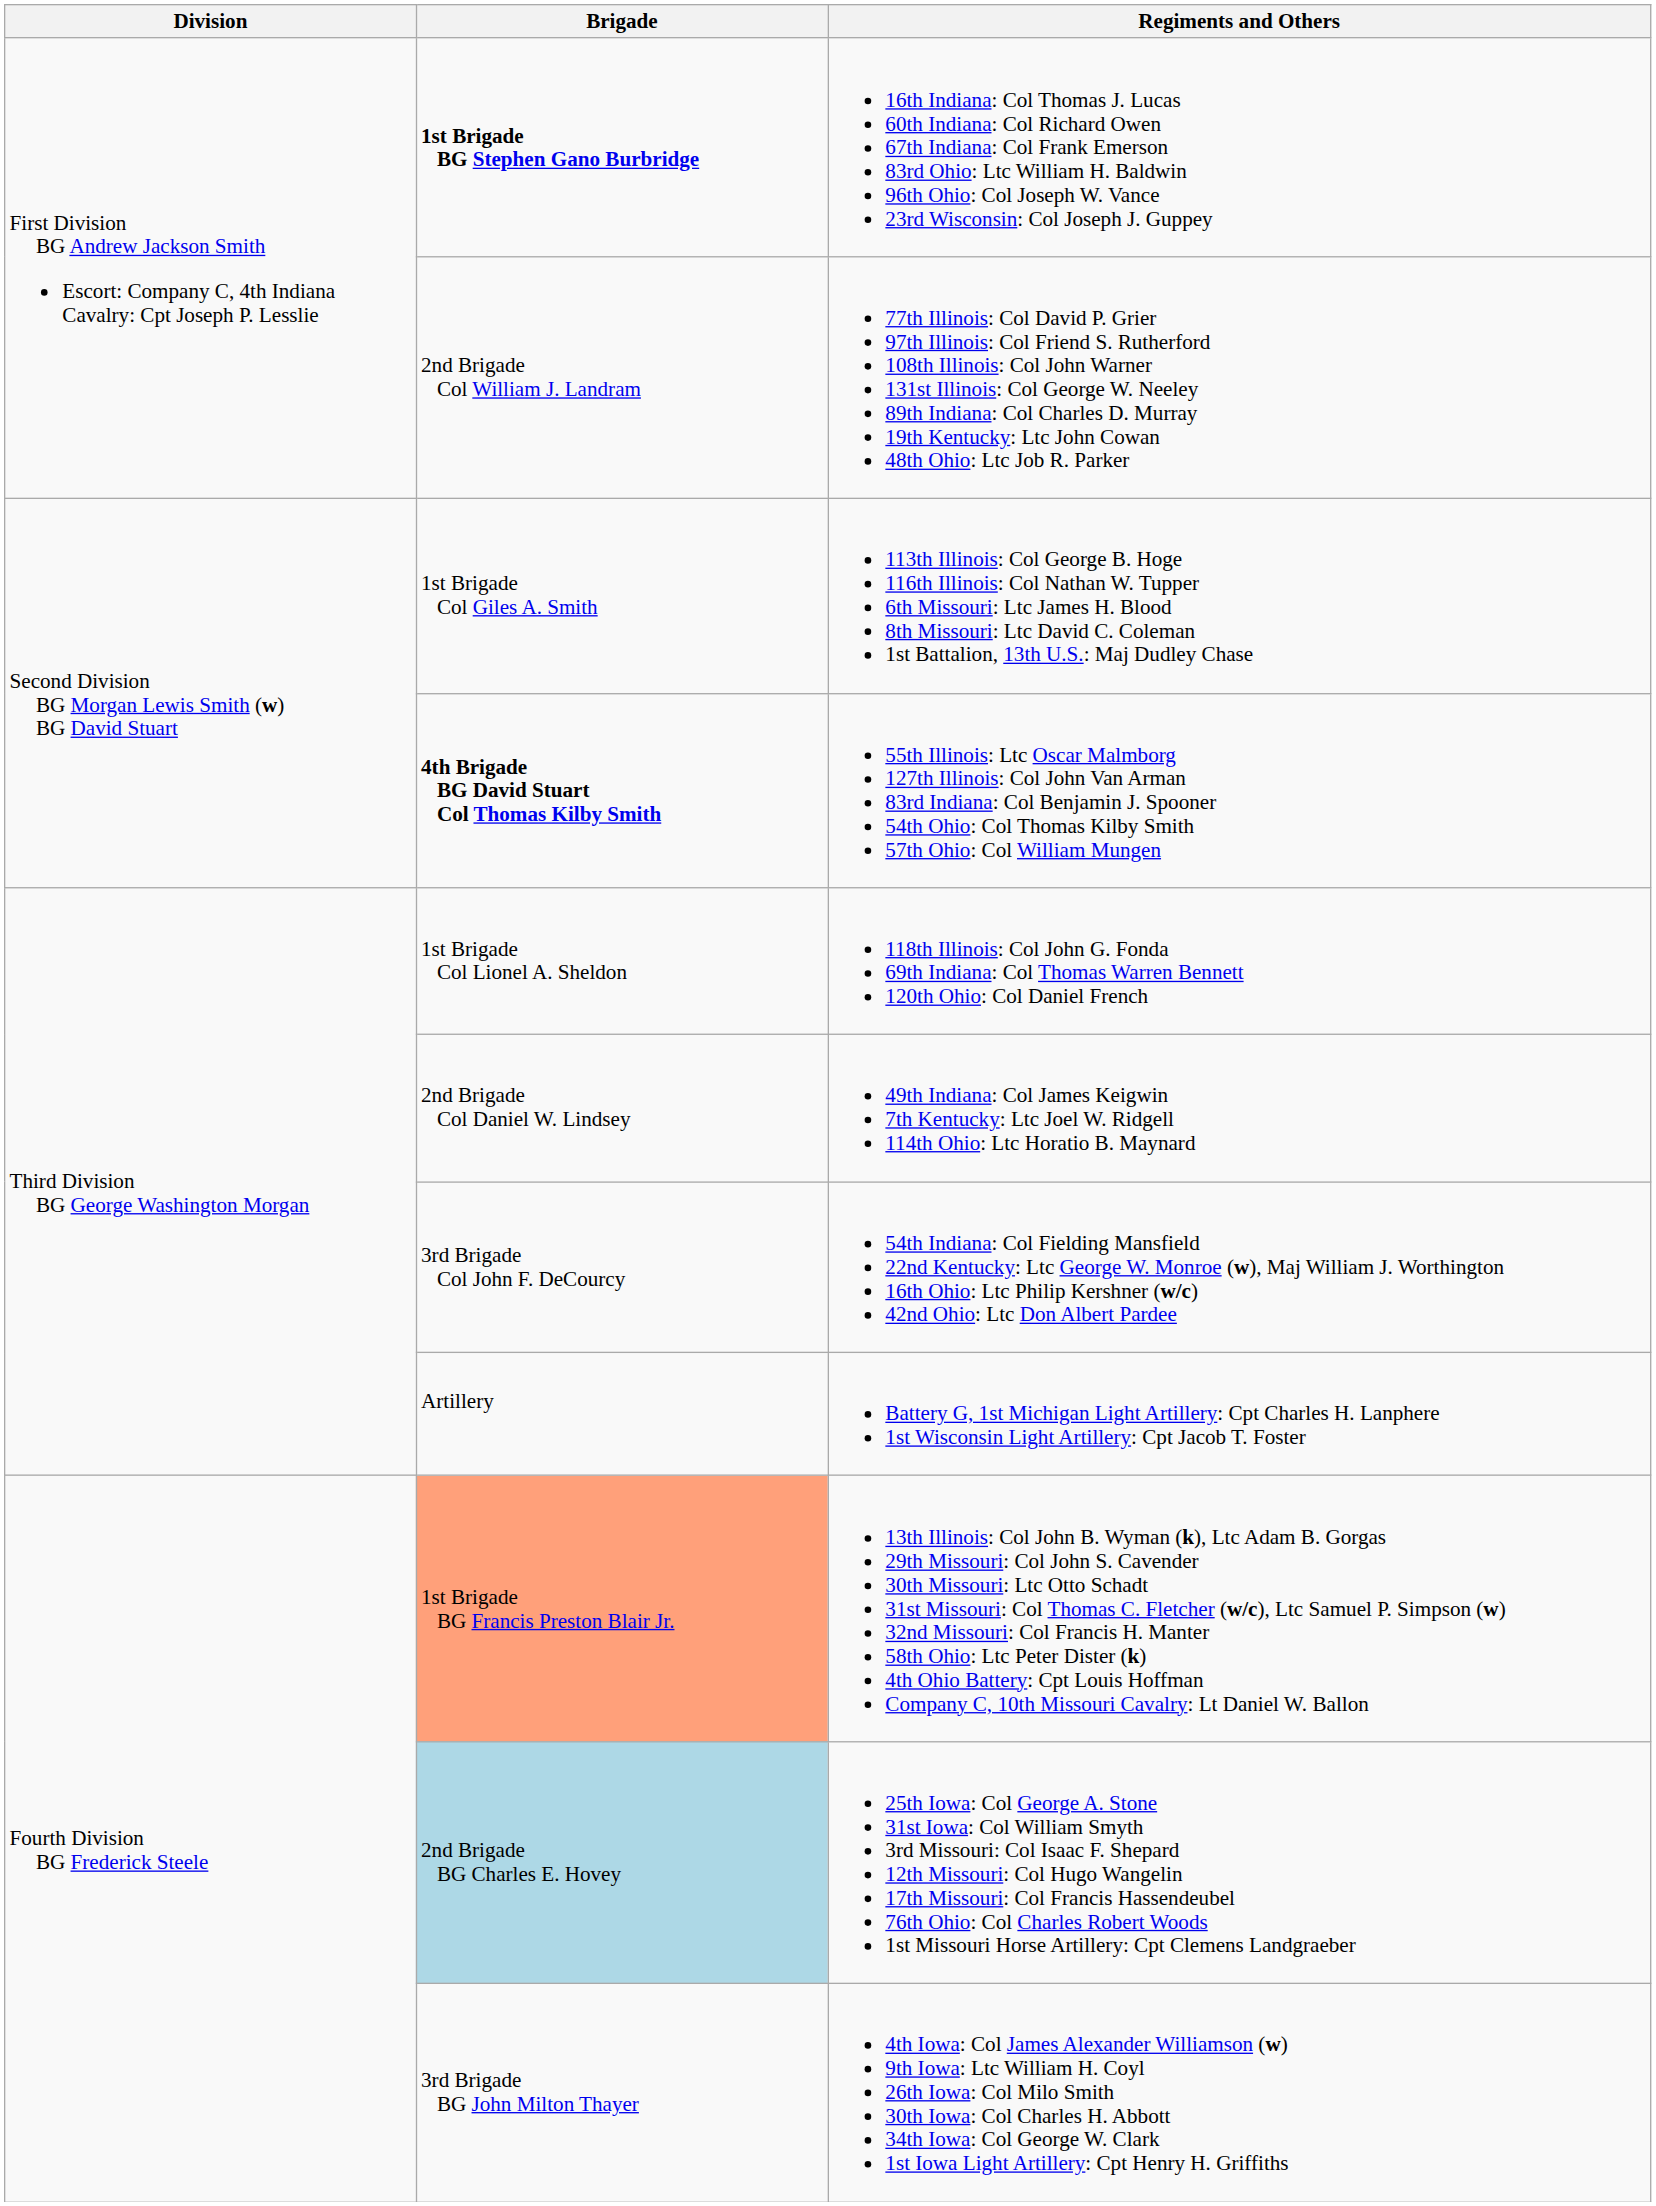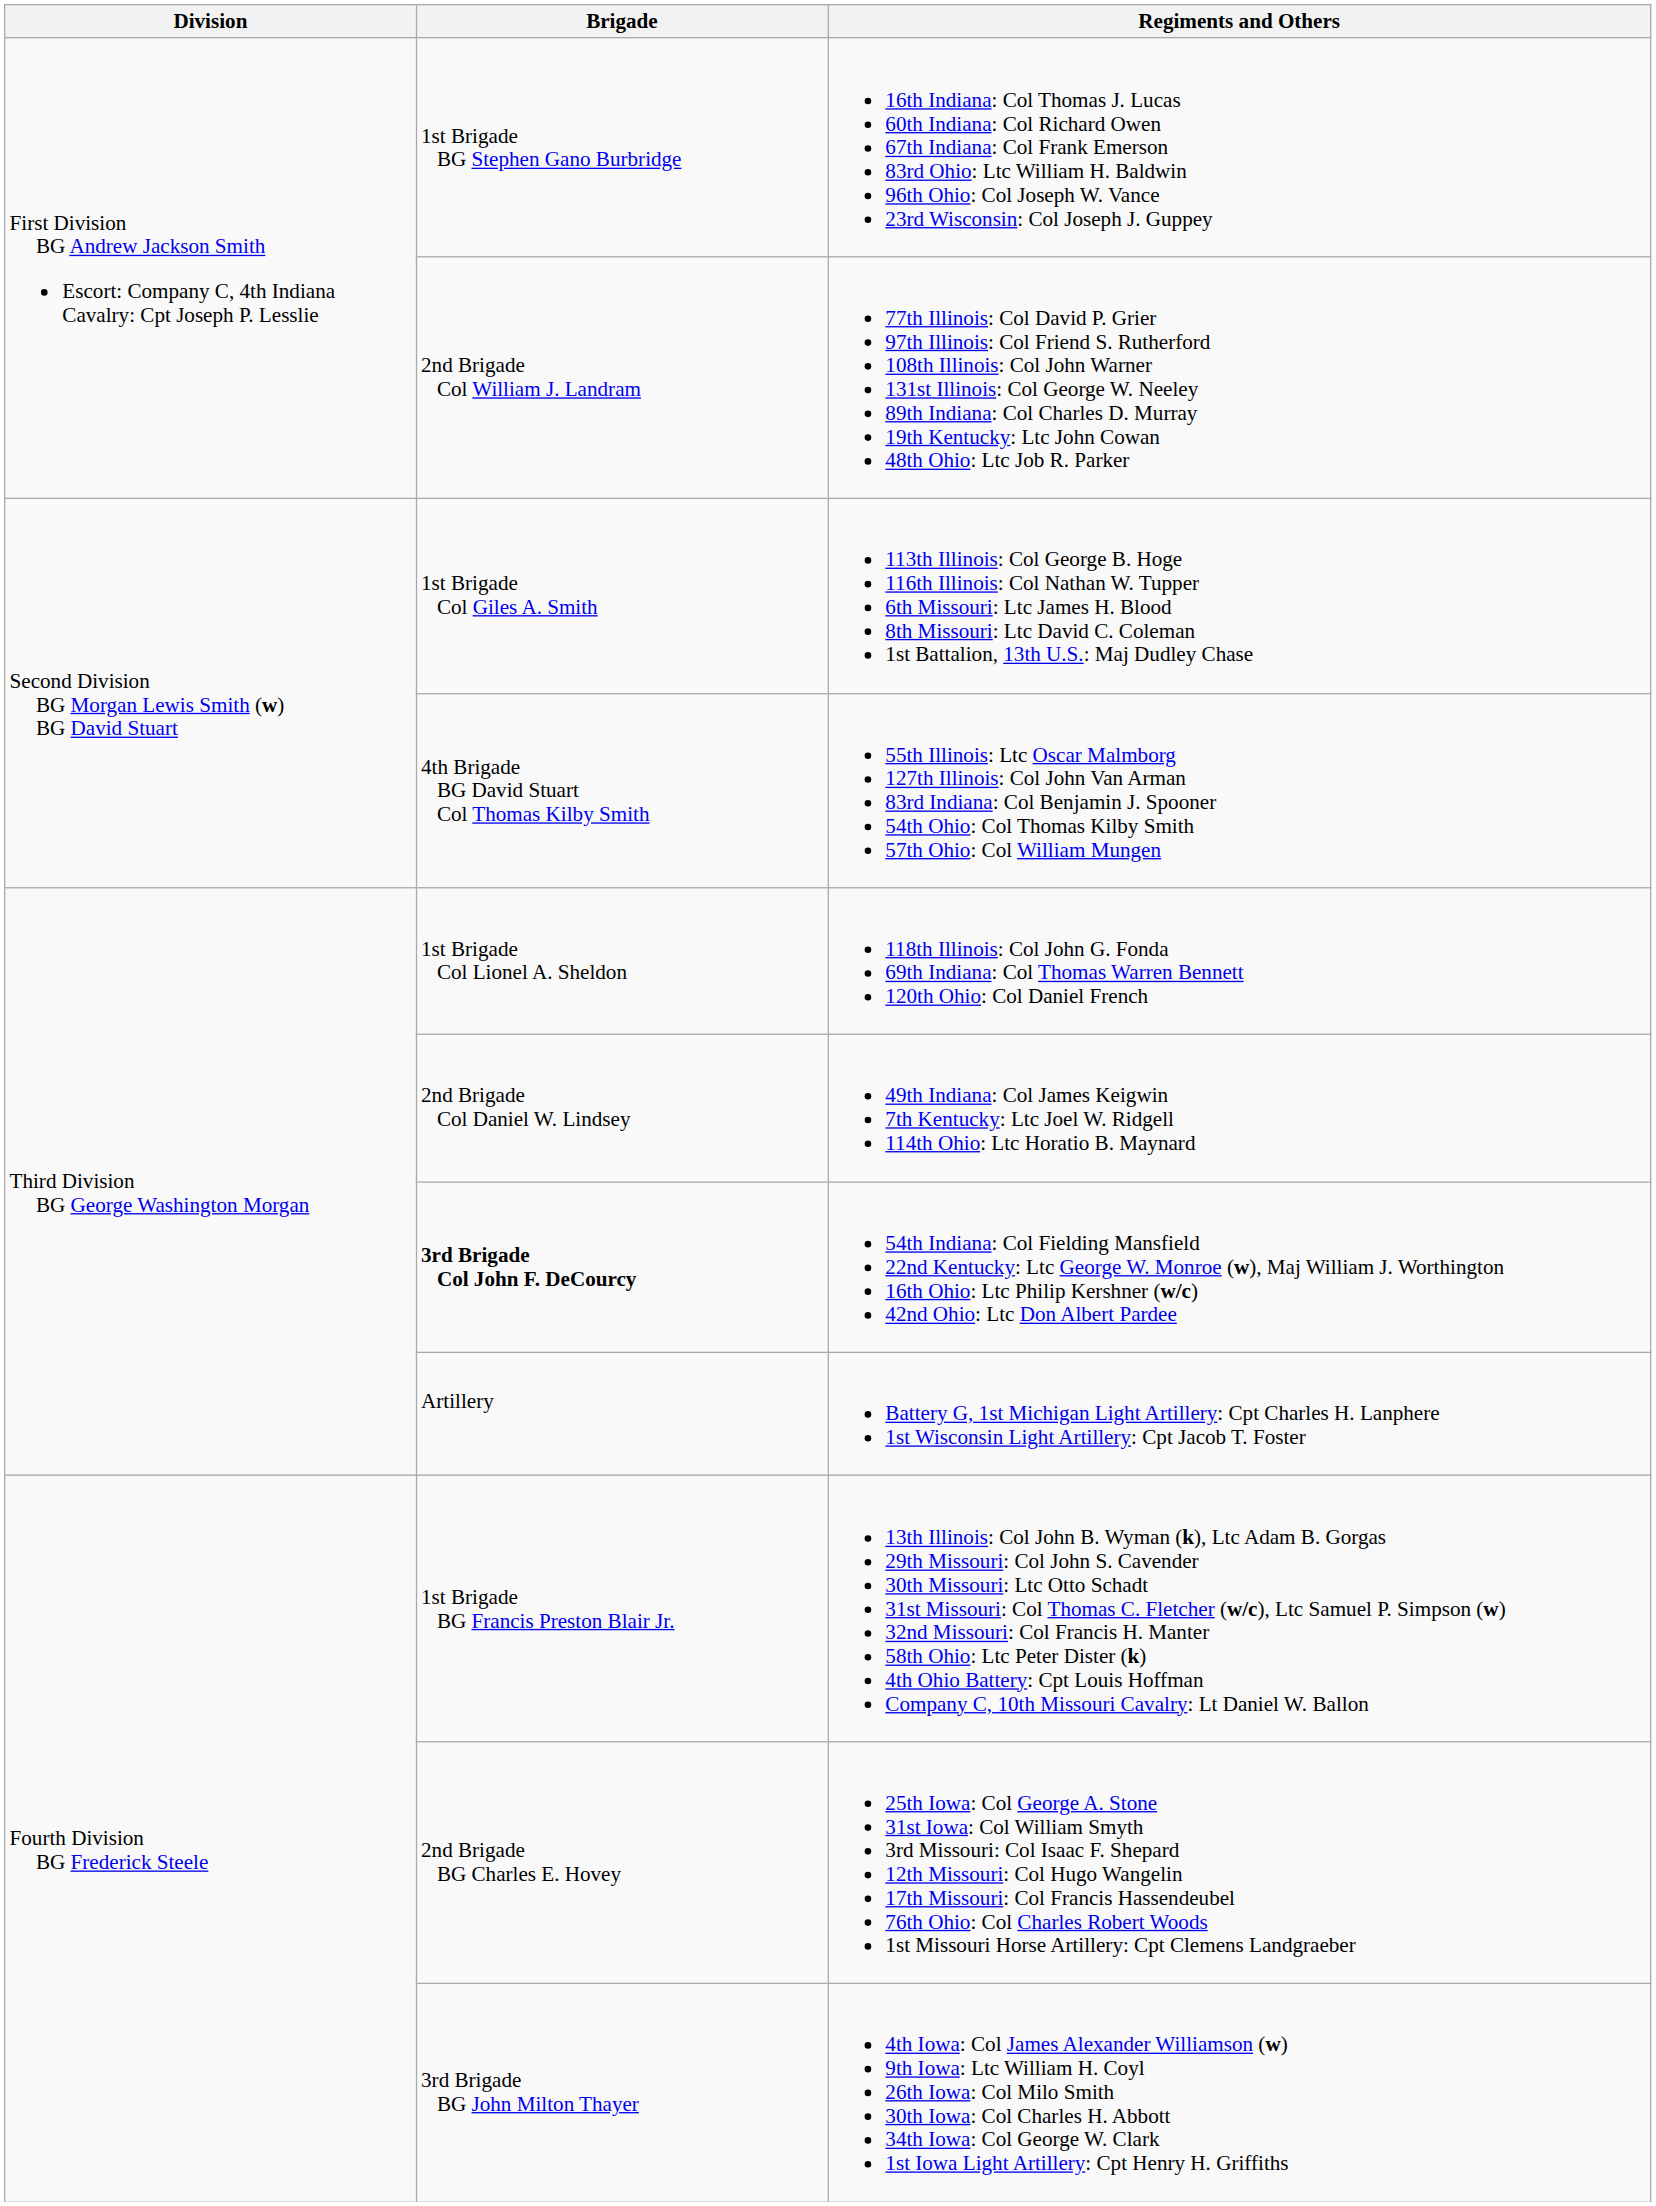 <table class="wikitable">
 <tr>
 <th width=25%>Division</th>
 <th width=25%>Brigade</th>
 <th>Regiments and Others</th>
 </tr>
 <tr>
 <td rowspan=2><br>First Division <br>     BG <a href='#'>Andrew Jackson Smith</a><br><ul><li>Escort: Company C, 4th Indiana Cavalry: Cpt Joseph P. Lesslie</li></ul></td>
-<td><strong>1st Brigade<br>   BG <a href='#'>Stephen Gano Burbridge</a></strong></td>
+<td>1st Brigade<br>   BG <a href='#'>Stephen Gano Burbridge</a></td>
 <td><br><ul><li><a href='#'>16th Indiana</a>: Col Thomas J. Lucas</li><li><a href='#'>60th Indiana</a>: Col Richard Owen</li><li><a href='#'>67th Indiana</a>: Col Frank Emerson</li><li><a href='#'>83rd Ohio</a>: Ltc William H. Baldwin</li><li><a href='#'>96th Ohio</a>: Col Joseph W. Vance</li><li><a href='#'>23rd Wisconsin</a>: Col Joseph J. Guppey</li></ul></td>
 </tr>
 <tr>
 <td>2nd Brigade<br>   Col <a href='#'>William J. Landram</a></td>
 <td><br><ul><li><a href='#'>77th Illinois</a>: Col David P. Grier</li><li><a href='#'>97th Illinois</a>: Col Friend S. Rutherford</li><li><a href='#'>108th Illinois</a>: Col John Warner</li><li><a href='#'>131st Illinois</a>: Col George W. Neeley</li><li><a href='#'>89th Indiana</a>: Col Charles D. Murray</li><li><a href='#'>19th Kentucky</a>: Ltc John Cowan</li><li><a href='#'>48th Ohio</a>: Ltc Job R. Parker</li></ul></td>
 </tr>
 <tr>
 <td rowspan=2><br>Second Division <br>     BG <a href='#'>Morgan Lewis Smith</a> (<strong>w</strong>)<br>     BG <a href='#'>David Stuart</a></td>
 <td>1st Brigade<br>   Col <a href='#'>Giles A. Smith</a></td>
 <td><br><ul><li><a href='#'>113th Illinois</a>: Col George B. Hoge</li><li><a href='#'>116th Illinois</a>: Col Nathan W. Tupper</li><li><a href='#'>6th Missouri</a>: Ltc James H. Blood</li><li><a href='#'>8th Missouri</a>: Ltc David C. Coleman</li><li>1st Battalion, <a href='#'>13th U.S.</a>: Maj Dudley Chase</li></ul></td>
 </tr>
 <tr>
-<td><strong>4th Brigade<br>   BG David Stuart<br>   Col <a href='#'>Thomas Kilby Smith</a></strong></td>
+<td>4th Brigade<br>   BG David Stuart<br>   Col <a href='#'>Thomas Kilby Smith</a></td>
 <td><br><ul><li><a href='#'>55th Illinois</a>: Ltc <a href='#'>Oscar Malmborg</a></li><li><a href='#'>127th Illinois</a>: Col John Van Arman</li><li><a href='#'>83rd Indiana</a>: Col Benjamin J. Spooner</li><li><a href='#'>54th Ohio</a>: Col Thomas Kilby Smith</li><li><a href='#'>57th Ohio</a>: Col <a href='#'>William Mungen</a></li></ul></td>
 </tr>
 <tr>
 <td rowspan=4><br>Third Division <br>     BG <a href='#'>George Washington Morgan</a></td>
 <td>1st Brigade<br>   Col Lionel A. Sheldon</td>
 <td><br><ul><li><a href='#'>118th Illinois</a>: Col John G. Fonda</li><li><a href='#'>69th Indiana</a>: Col <a href='#'>Thomas Warren Bennett</a></li><li><a href='#'>120th Ohio</a>: Col Daniel French</li></ul></td>
 </tr>
 <tr>
 <td>2nd Brigade<br>   Col Daniel W. Lindsey</td>
 <td><br><ul><li><a href='#'>49th Indiana</a>: Col James Keigwin</li><li><a href='#'>7th Kentucky</a>: Ltc Joel W. Ridgell</li><li><a href='#'>114th Ohio</a>: Ltc Horatio B. Maynard</li></ul></td>
 </tr>
 <tr>
-<td>3rd Brigade<br>   Col John F. DeCourcy</td>
+<td><strong>3rd Brigade<br>   Col John F. DeCourcy</strong></td>
 <td><br><ul><li><a href='#'>54th Indiana</a>: Col Fielding Mansfield</li><li><a href='#'>22nd Kentucky</a>: Ltc <a href='#'>George W. Monroe</a> (<strong>w</strong>), Maj William J. Worthington</li><li><a href='#'>16th Ohio</a>: Ltc Philip Kershner (<strong>w/c</strong>)</li><li><a href='#'>42nd Ohio</a>: Ltc <a href='#'>Don Albert Pardee</a></li></ul></td>
 </tr>
 <tr>
 <td>Artillery<br>  </td>
 <td><br><ul><li><a href='#'>Battery G, 1st Michigan Light Artillery</a>: Cpt Charles H. Lanphere</li><li><a href='#'>1st Wisconsin Light Artillery</a>: Cpt Jacob T. Foster</li></ul></td>
 </tr>
 <tr>
 <td rowspan=3><br>Fourth Division <br>     BG <a href='#'>Frederick Steele</a></td>
-<td style="background: lightsalmon;">1st Brigade<br>   BG <a href='#'>Francis Preston Blair Jr.</a></td>
+<td>1st Brigade<br>   BG <a href='#'>Francis Preston Blair Jr.</a></td>
 <td><br><ul><li><a href='#'>13th Illinois</a>: Col John B. Wyman (<strong>k</strong>), Ltc Adam B. Gorgas</li><li><a href='#'>29th Missouri</a>: Col John S. Cavender</li><li><a href='#'>30th Missouri</a>: Ltc Otto Schadt</li><li><a href='#'>31st Missouri</a>: Col <a href='#'>Thomas C. Fletcher</a> (<strong>w/c</strong>), Ltc Samuel P. Simpson (<strong>w</strong>)</li><li><a href='#'>32nd Missouri</a>: Col Francis H. Manter</li><li><a href='#'>58th Ohio</a>: Ltc Peter Dister (<strong>k</strong>)</li><li><a href='#'>4th Ohio Battery</a>: Cpt Louis Hoffman</li><li><a href='#'>Company C, 10th Missouri Cavalry</a>: Lt Daniel W. Ballon</li></ul></td>
 </tr>
 <tr>
-<td style="background: lightblue;">2nd Brigade<br>   BG Charles E. Hovey</td>
+<td>2nd Brigade<br>   BG Charles E. Hovey</td>
 <td><br><ul><li><a href='#'>25th Iowa</a>: Col <a href='#'>George A. Stone</a></li><li><a href='#'>31st Iowa</a>: Col William Smyth</li><li>3rd Missouri: Col Isaac F. Shepard</li><li><a href='#'>12th Missouri</a>: Col Hugo Wangelin</li><li><a href='#'>17th Missouri</a>: Col Francis Hassendeubel</li><li><a href='#'>76th Ohio</a>: Col <a href='#'>Charles Robert Woods</a></li><li>1st Missouri Horse Artillery: Cpt Clemens Landgraeber</li></ul></td>
 </tr>
 <tr>
 <td>3rd Brigade<br>   BG <a href='#'>John Milton Thayer</a></td>
 <td><br><ul><li><a href='#'>4th Iowa</a>: Col <a href='#'>James Alexander Williamson</a> (<strong>w</strong>)</li><li><a href='#'>9th Iowa</a>: Ltc William H. Coyl</li><li><a href='#'>26th Iowa</a>: Col Milo Smith</li><li><a href='#'>30th Iowa</a>: Col Charles H. Abbott</li><li><a href='#'>34th Iowa</a>: Col George W. Clark</li><li><a href='#'>1st Iowa Light Artillery</a>: Cpt Henry H. Griffiths</li></ul></td>
 </tr>
 <tr>
 </tr>
 </table>
